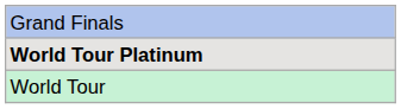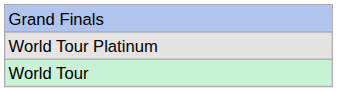 <table class=wikitable style=font-size:80%;width:20%>
 <tr bgcolor=#b0c4ed>
 <td>Grand Finals</td>
 </tr>
 <tr bgcolor=#e5e4e2>
-<td><strong>World Tour Platinum</strong></td>
+<td>World Tour Platinum</td>
 </tr>
 <tr bgcolor=#c7f2d5>
 <td>World Tour</td>
 </tr>
 </table>
